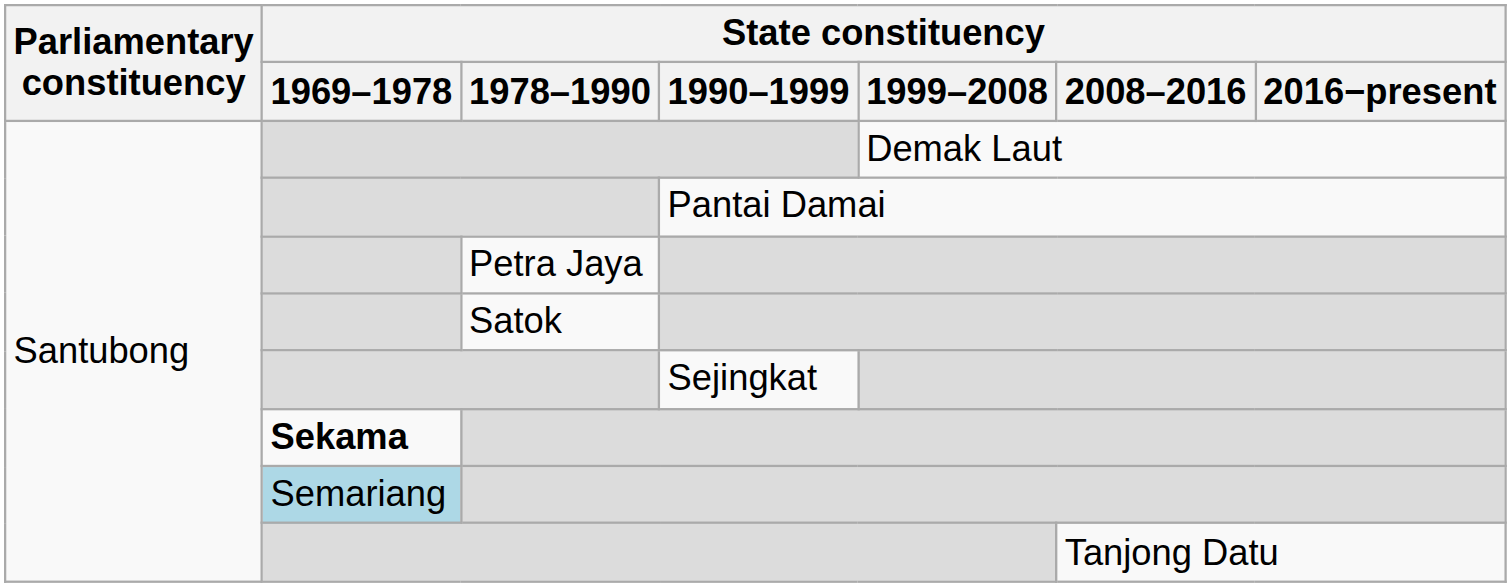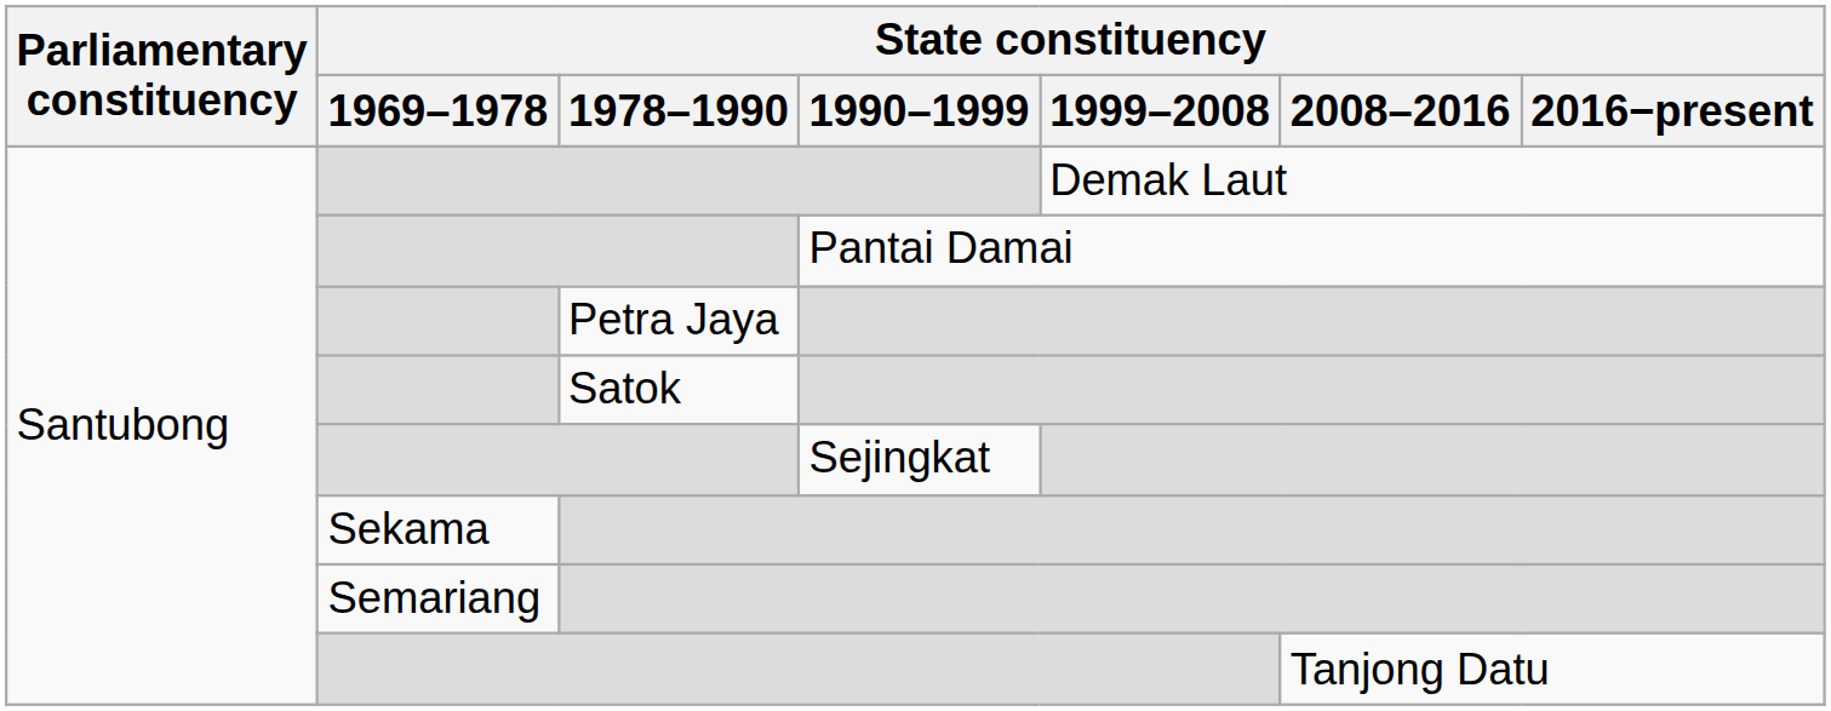 <table class="wikitable">
 <tr>
 <th rowspan="2">Parliamentary<br>constituency</th>
 <th colspan="6">State constituency</th>
 </tr>
 <tr>
 <th>1969–1978</th>
 <th>1978–1990</th>
 <th>1990–1999</th>
 <th>1999–2008</th>
 <th>2008–2016</th>
 <th>2016−present</th>
 </tr>
 <tr>
 <td rowspan="8">Santubong</td>
 <td colspan="3" bgcolor="dcdcdc"></td>
 <td colspan="3">Demak Laut</td>
 </tr>
 <tr>
 <td colspan="2" bgcolor="dcdcdc"></td>
 <td colspan="4">Pantai Damai</td>
 </tr>
 <tr>
 <td bgcolor="dcdcdc"></td>
 <td>Petra Jaya</td>
 <td colspan="4" bgcolor="dcdcdc"></td>
 </tr>
 <tr>
 <td bgcolor="dcdcdc"></td>
 <td>Satok</td>
 <td colspan="4" bgcolor="dcdcdc"></td>
 </tr>
 <tr>
 <td colspan="2" bgcolor="dcdcdc"></td>
 <td>Sejingkat</td>
 <td colspan="3" bgcolor="dcdcdc"></td>
 </tr>
 <tr>
-<td><strong>Sekama</strong></td>
+<td>Sekama</td>
 <td colspan="5" bgcolor="dcdcdc"></td>
 </tr>
 <tr>
-<td style="background: lightblue;">Semariang</td>
+<td>Semariang</td>
 <td colspan="5" bgcolor="dcdcdc"></td>
 </tr>
 <tr>
 <td colspan="4" bgcolor="dcdcdc"></td>
 <td colspan="2">Tanjong Datu</td>
 </tr>
 </table>
